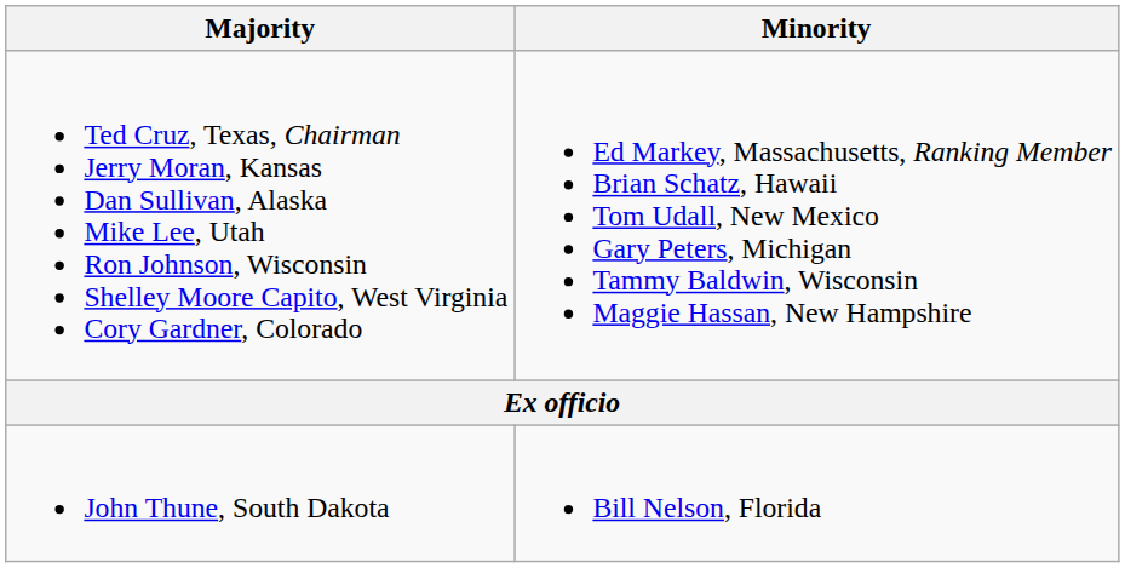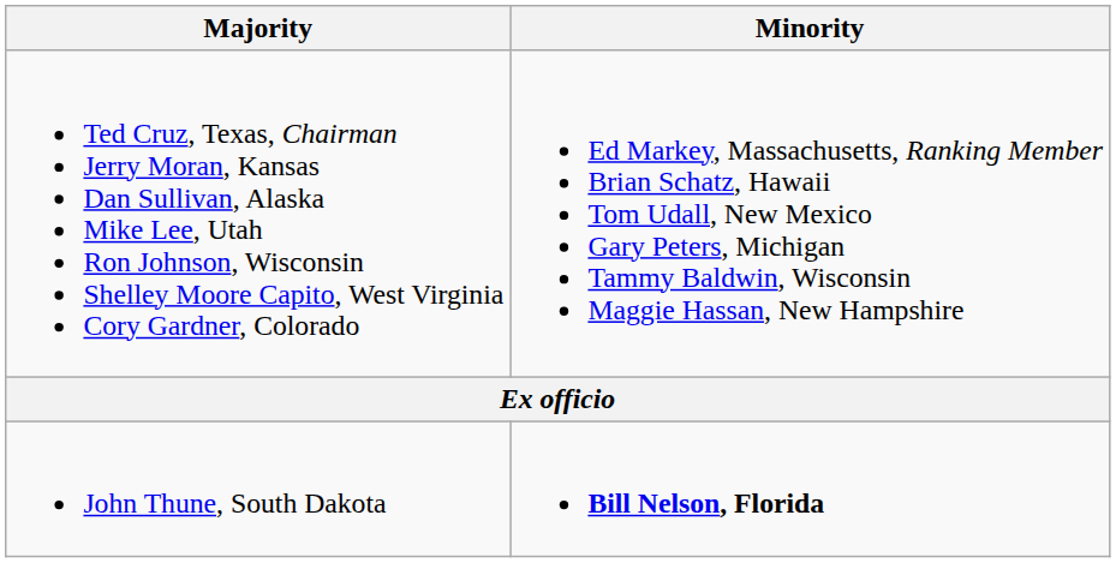 <table class=wikitable>
 <tr>
 <th>Majority</th>
 <th>Minority</th>
 </tr>
 <tr>
 <td><br><ul><li><a href='#'>Ted Cruz</a>, Texas, <em>Chairman</em></li><li><a href='#'>Jerry Moran</a>, Kansas</li><li><a href='#'>Dan Sullivan</a>, Alaska</li><li><a href='#'>Mike Lee</a>, Utah</li><li><a href='#'>Ron Johnson</a>, Wisconsin</li><li><a href='#'>Shelley Moore Capito</a>, West Virginia</li><li><a href='#'>Cory Gardner</a>, Colorado</li></ul></td>
 <td><br><ul><li><a href='#'>Ed Markey</a>, Massachusetts, <em>Ranking Member</em></li><li><a href='#'>Brian Schatz</a>, Hawaii</li><li><a href='#'>Tom Udall</a>, New Mexico</li><li><a href='#'>Gary Peters</a>, Michigan</li><li><a href='#'>Tammy Baldwin</a>, Wisconsin</li><li><a href='#'>Maggie Hassan</a>, New Hampshire</li></ul></td>
 </tr>
 <tr>
 <th colspan=2><em>Ex officio</em></th>
 </tr>
 <tr>
 <td><br><ul><li><a href='#'>John Thune</a>, South Dakota</li></ul></td>
-<td><br><ul><li><a href='#'>Bill Nelson</a>, Florida</li></ul></td>
+<td><strong><br><ul><li><a href='#'>Bill Nelson</a>, Florida</li></ul></strong></td>
 </tr>
 </table>
